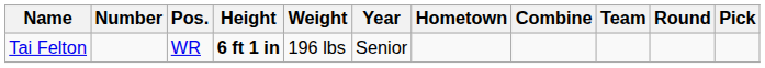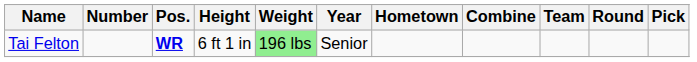 <table class="wikitable sortable collapsible">
 <tr>
 </tr>
 <tr>
 <th>Name</th>
 <th>Number</th>
 <th>Pos.</th>
 <th>Height</th>
 <th>Weight</th>
 <th>Year</th>
 <th>Hometown</th>
 <th>Combine</th>
 <th>Team</th>
 <th>Round</th>
 <th>Pick</th>
 </tr>
 <tr>
 <td><a href='#'>Tai Felton</a></td>
 <td></td>
-<td><a href='#'>WR</a></td>
-<td><strong>6 ft 1 in</strong></td>
-<td>196 lbs</td>
+<td><strong><a href='#'>WR</a></strong></td>
+<td>6 ft 1 in</td>
+<td style="background: lightgreen;">196 lbs</td>
 <td>Senior</td>
 <td></td>
 <td></td>
 <td></td>
 <td></td>
 <td></td>
 </tr>
 <tr>
 </tr>
 </table>
